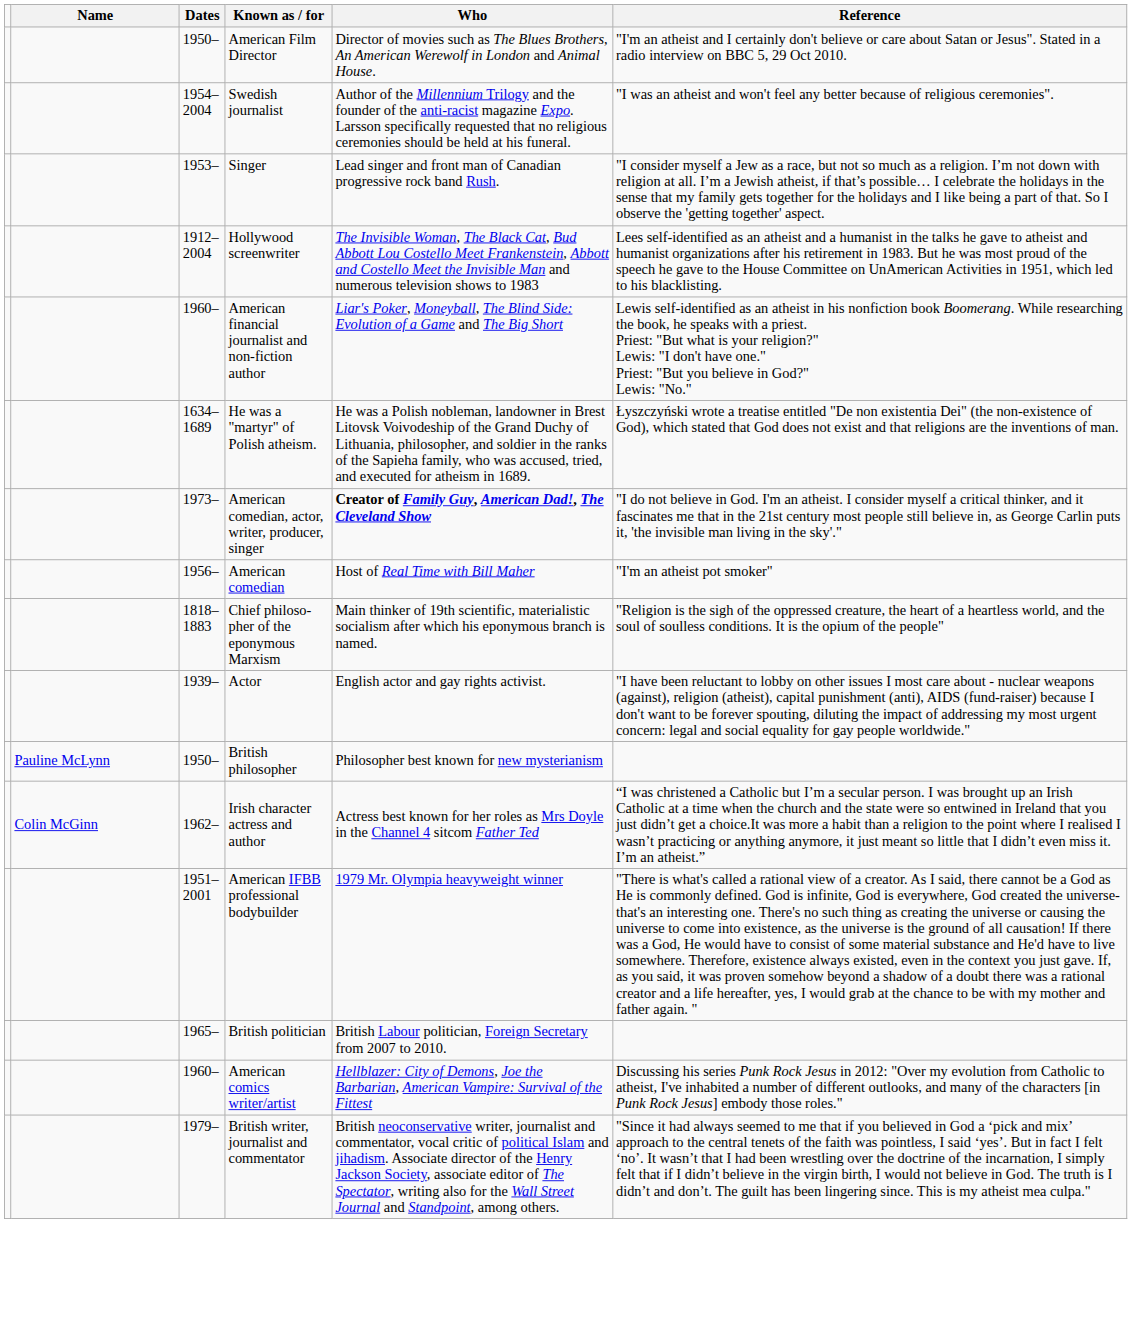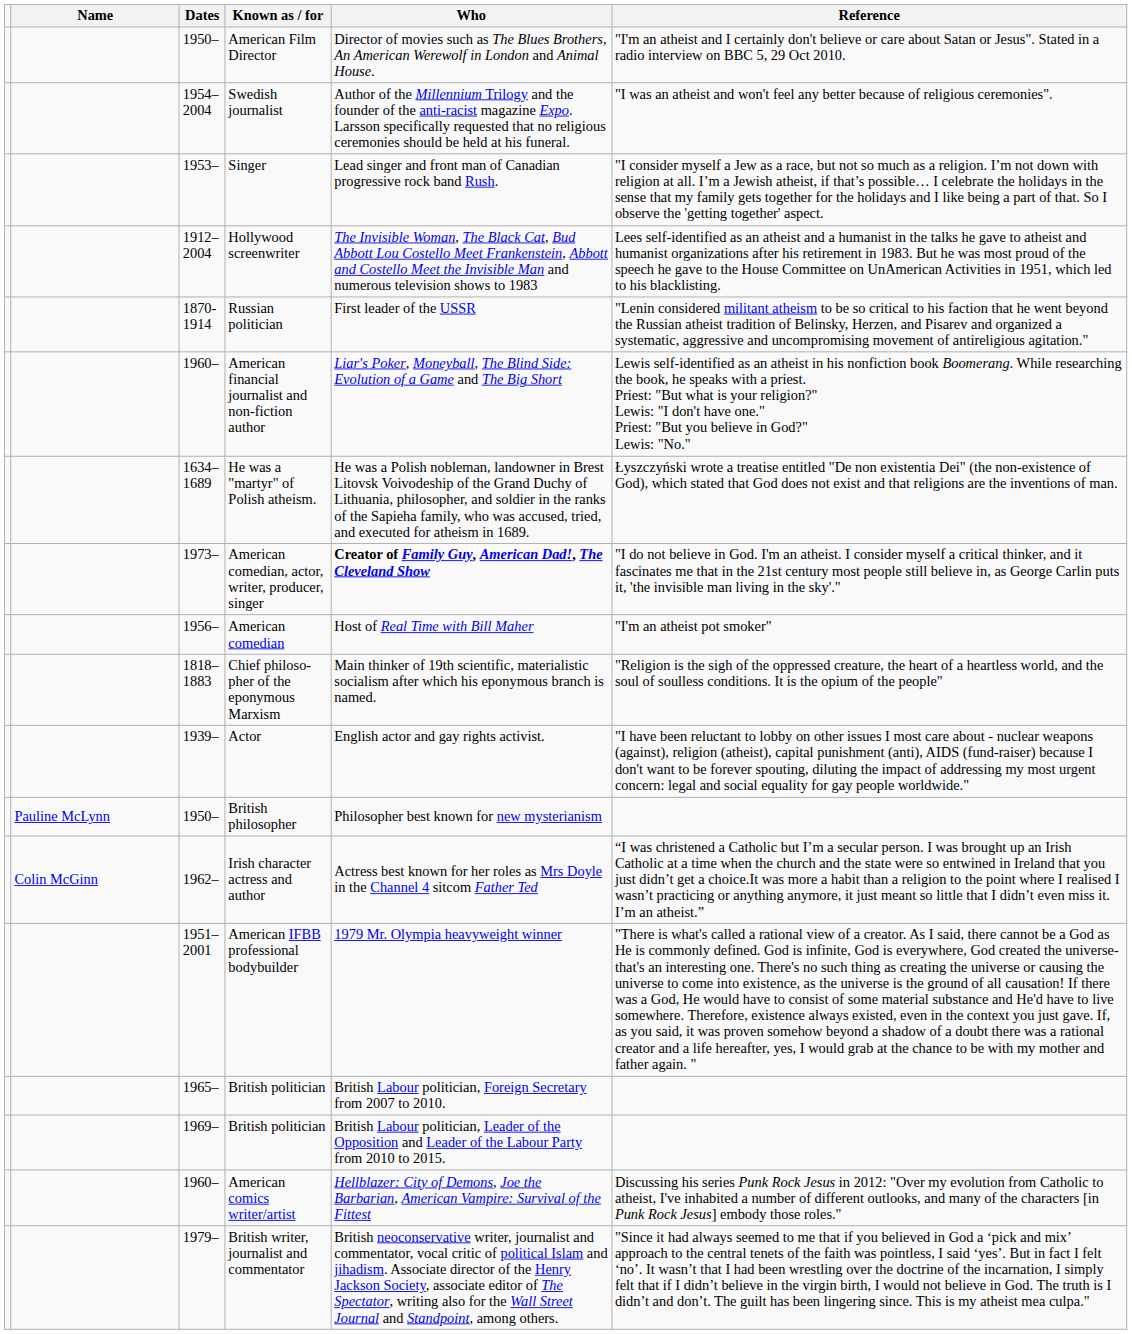 <table class="wikitable sortable">
 <tr valign="top" align="left">
 <td></td>
 <th width="15%">Name</th>
 <th class="unsortable"!width="20%">Dates</th>
 <th>Known as / for</th>
 <th width="25%">Who</th>
 <th class="unsortable">Reference</th>
 </tr>
 <tr valign="top">
 <td></td>
 <td></td>
 <td>1950–</td>
 <td>American Film Director</td>
 <td>Director of movies such as <em>The Blues Brothers</em>, <em>An American Werewolf in London</em> and <em>Animal House</em>.</td>
 <td>"I'm an atheist and I certainly don't believe or care about Satan or Jesus". Stated in a radio interview on BBC 5, 29 Oct 2010.</td>
 </tr>
 <tr valign="top">
 <td></td>
 <td></td>
 <td>1954–2004</td>
 <td>Swedish journalist</td>
 <td>Author of the <a href='#'><em>Millennium</em> Trilogy</a> and the founder of the <a href='#'>anti-racist</a> magazine <a href='#'><em>Expo</em></a>.  Larsson specifically requested that no religious ceremonies should be held at his funeral.</td>
 <td>"I was an atheist and won't feel any better because of religious ceremonies".</td>
 </tr>
 <tr valign="top">
 <td></td>
 <td></td>
 <td>1953–</td>
 <td>Singer</td>
 <td>Lead singer and front man of Canadian progressive rock band <a href='#'>Rush</a>.</td>
 <td>"I consider myself a Jew as a race, but not so much as a religion. I’m not down with religion at all. I’m a Jewish atheist, if that’s possible… I celebrate the holidays in the sense that my family gets together for the holidays and I like being a part of that. So I observe the 'getting together' aspect.</td>
 </tr>
 <tr valign="top">
 <td></td>
 <td></td>
 <td>1912–2004</td>
 <td>Hollywood screenwriter</td>
 <td><em><a href='#'>The Invisible Woman</a></em>, <em><a href='#'>The Black Cat</a></em>, <em><a href='#'>Bud Abbott Lou Costello Meet Frankenstein</a></em>, <em><a href='#'>Abbott and Costello Meet the Invisible Man</a></em> and numerous television shows to 1983</td>
 <td>Lees self-identified as an atheist and a humanist in the talks he gave to atheist and humanist organizations after his retirement in 1983. But he was most proud of the speech he gave to the House Committee on UnAmerican Activities in 1951, which led to his blacklisting.</td>
+</tr>
+<tr valign="top">
+<td></td>
+<td></td>
+<td>1870-1914</td>
+<td>Russian politician</td>
+<td>First leader of the <a href='#'>USSR</a></td>
+<td>"Lenin considered <a href='#'>militant atheism</a> to be so critical to his faction that he went beyond the Russian atheist tradition of Belinsky, Herzen, and Pisarev and organized a systematic, aggressive and uncompromising movement of antireligious agitation."</td>
 </tr>
 <tr valign="top">
 <td></td>
 <td></td>
 <td>1960–</td>
 <td>American financial journalist and non-fiction author</td>
 <td><em><a href='#'>Liar's Poker</a></em>, <em><a href='#'>Moneyball</a></em>, <em><a href='#'>The Blind Side: Evolution of a Game</a></em> and <em><a href='#'>The Big Short</a></em></td>
 <td>Lewis self-identified as an atheist in his nonfiction book <em>Boomerang</em>. While researching the book, he speaks with a priest.<br>Priest: "But what is your religion?"<br>Lewis: "I don't have one."<br>Priest: "But you believe in God?"<br>Lewis: "No."</td>
 </tr>
 <tr valign="top">
 <td></td>
 <td></td>
 <td>1634–1689</td>
 <td>He was a "martyr" of Polish atheism.</td>
 <td>He was a Polish nobleman, landowner in Brest Litovsk Voivodeship of the Grand Duchy of Lithuania, philosopher, and soldier in the ranks of the Sapieha family, who was accused, tried, and executed for atheism in 1689.</td>
 <td>Łyszczyński wrote a treatise entitled "De non existentia Dei" (the non-existence of God), which stated that God does not exist and that religions are the inventions of man.</td>
 </tr>
 <tr valign="top">
 <td></td>
 <td></td>
 <td>1973–</td>
 <td>American comedian, actor, writer, producer, singer</td>
 <td><strong>Creator of <em><a href='#'>Family Guy</a></em>, <em><a href='#'>American Dad!</a></em>, <em><a href='#'>The Cleveland Show</a></em></strong></td>
 <td>"I do not believe in God. I'm an atheist. I consider myself a critical thinker, and it fascinates me that in the 21st century most people still believe in, as George Carlin puts it, 'the invisible man living in the sky'."</td>
 </tr>
 <tr valign="top">
 <td></td>
 <td></td>
 <td>1956–</td>
 <td>American <a href='#'>comedian</a></td>
 <td>Host of <em><a href='#'>Real Time with Bill Maher</a></em></td>
 <td>"I'm an atheist pot smoker"</td>
 </tr>
 <tr valign="top">
 <td></td>
 <td></td>
 <td>1818–1883</td>
 <td>Chief phil­oso­pher of the eponymous Marxism</td>
 <td>Main thinker of 19th scientific, materialistic socialism after which his eponymous branch is named.</td>
 <td>"Religion is the sigh of the oppressed creature, the heart of a heartless world, and the soul of soulless conditions. It is the opium of the people"</td>
 </tr>
 <tr valign="top">
 <td></td>
 <td></td>
 <td>1939–</td>
 <td>Actor</td>
 <td>English actor and gay rights activist.</td>
 <td>"I have been reluctant to lobby on other issues I most care about - nuclear weapons (against), religion (atheist), capital punishment (anti), AIDS (fund-raiser) because I don't want to be forever spouting, diluting the impact of addressing my most urgent concern: legal and social equality for gay people worldwide."</td>
 </tr>
 <tr>
 <td></td>
 <td><a href='#'>Pauline McLynn</a></td>
 <td>1950–</td>
 <td>British philosopher</td>
 <td>Philosopher best known for <a href='#'>new mysterianism</a></td>
 <td></td>
 </tr>
 <tr>
 <td></td>
 <td><a href='#'>Colin McGinn</a></td>
 <td>1962–</td>
 <td>Irish character actress and author</td>
 <td>Actress best known for her roles as <a href='#'>Mrs Doyle</a> in the <a href='#'>Channel 4</a> sitcom <em><a href='#'>Father Ted</a></em></td>
 <td>“I was christened a Catholic but I’m a secular person. I was brought up an Irish Catholic at a time when the church and the state were so entwined in Ireland that you just didn’t get a choice.It was more a habit than a religion to the point where I realised I wasn’t practicing or anything anymore, it just meant so little that I didn’t even miss it. I’m an atheist.”</td>
 </tr>
 <tr valign="top">
 <td></td>
 <td></td>
 <td>1951–2001</td>
 <td>American <a href='#'>IFBB</a> professional bodybuilder</td>
 <td><a href='#'>1979 Mr. Olympia heavyweight winner</a></td>
 <td>"There is what's called a rational view of a creator. As I said, there cannot be a God as He is commonly defined. God is infinite, God is everywhere, God created the universe-that's an interesting one. There's no such thing as creating the universe or causing the universe to come into existence, as the universe is the ground of all causation! If there was a God, He would have to consist of some material substance and He'd have to live somewhere. Therefore, existence always existed, even in the context you just gave. If, as you said, it was proven somehow beyond a shadow of a doubt there was a rational creator and a life hereafter, yes, I would grab at the chance to be with my mother and father again. "</td>
 </tr>
 <tr valign="top">
 <td></td>
 <td></td>
 <td>1965–</td>
 <td>British politician</td>
 <td>British <a href='#'>Labour</a> politician, <a href='#'>Foreign Secretary</a> from 2007 to 2010.</td>
 <td></td>
 </tr>
 <tr valign="top">
 <td></td>
 <td></td>
+<td>1969–</td>
+<td>British politician</td>
+<td>British <a href='#'>Labour</a> politician, <a href='#'>Leader of the Opposition</a> and <a href='#'>Leader of the Labour Party</a> from 2010 to 2015.</td>
+<td></td>
+</tr>
+<tr valign="top">
+<td></td>
+<td></td>
 <td>1960–</td>
 <td>American <a href='#'>comics writer/artist</a></td>
 <td><em><a href='#'>Hellblazer: City of Demons</a></em>, <em><a href='#'>Joe the Barbarian</a></em>, <em><a href='#'>American Vampire: Survival of the Fittest</a></em></td>
 <td>Discussing his series <em>Punk Rock Jesus</em> in 2012: "Over my evolution from Catholic to atheist, I've inhabited a number of different outlooks, and many of the characters [in <em>Punk Rock Jesus</em>] embody those roles."</td>
 </tr>
 <tr valign="top">
 <td></td>
 <td></td>
 <td>1979–</td>
 <td>British writer, journalist and commentator</td>
 <td>British <a href='#'>neoconservative</a> writer, journalist and commentator, vocal critic of <a href='#'>political Islam</a> and <a href='#'>jihadism</a>. Associate director of the <a href='#'>Henry Jackson Society</a>, associate editor of <em><a href='#'>The Spectator</a></em>, writing also for the <em><a href='#'>Wall Street Journal</a></em> and <a href='#'><em>Standpoint</em></a>, among others.</td>
 <td>"Since it had always seemed to me that if you believed in God a ‘pick and mix’ approach to the central tenets of the faith was pointless, I said ‘yes’. But in fact I felt ‘no’. It wasn’t that I had been wrestling over the doctrine of the incarnation, I simply felt that if I didn’t believe in the virgin birth, I would not believe in God. The truth is I didn’t and don’t. The guilt has been lingering since. This is my atheist mea culpa."</td>
 </tr>
 </table>
